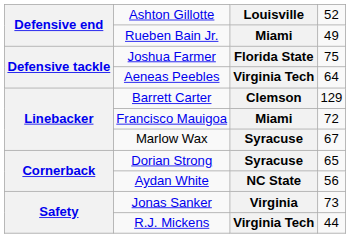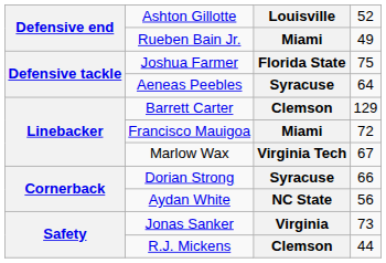 <table class="wikitable" style="text-align: center;">
 <tr>
 <th rowspan="2"><a href='#'>Defensive end</a></th>
 <td><a href='#'>Ashton Gillotte</a></td>
 <th>Louisville</th>
 <td>52</td>
 </tr>
 <tr>
 <td><a href='#'>Rueben Bain Jr.</a></td>
 <th>Miami</th>
 <td>49</td>
 </tr>
 <tr>
 <th rowspan="2"><a href='#'>Defensive tackle</a></th>
 <td><a href='#'>Joshua Farmer</a></td>
 <th>Florida State</th>
 <td>75</td>
 </tr>
 <tr>
 <td><a href='#'>Aeneas Peebles</a></td>
-<th>Virginia Tech</th>
+<th>Syracuse</th>
 <td>64</td>
 </tr>
 <tr>
 <th rowspan="3"><a href='#'>Linebacker</a></th>
 <td><a href='#'>Barrett Carter</a></td>
 <th>Clemson</th>
 <td>129</td>
 </tr>
 <tr>
 <td><a href='#'>Francisco Mauigoa</a></td>
 <th>Miami</th>
 <td>72</td>
 </tr>
 <tr>
 <td>Marlow Wax</td>
-<th>Syracuse</th>
+<th>Virginia Tech</th>
 <td>67</td>
 </tr>
 <tr>
 <th rowspan="2"><a href='#'>Cornerback</a></th>
 <td><a href='#'>Dorian Strong</a></td>
 <th>Syracuse</th>
-<td>65</td>
+<td>66</td>
 </tr>
 <tr>
 <td><a href='#'>Aydan White</a></td>
 <th>NC State</th>
 <td>56</td>
 </tr>
 <tr>
 <th rowspan="2"><a href='#'>Safety</a></th>
 <td><a href='#'>Jonas Sanker</a></td>
 <th>Virginia</th>
 <td>73</td>
 </tr>
 <tr>
 <td><a href='#'>R.J. Mickens</a></td>
-<th>Virginia Tech</th>
+<th>Clemson</th>
 <td>44</td>
 </tr>
 </table>
